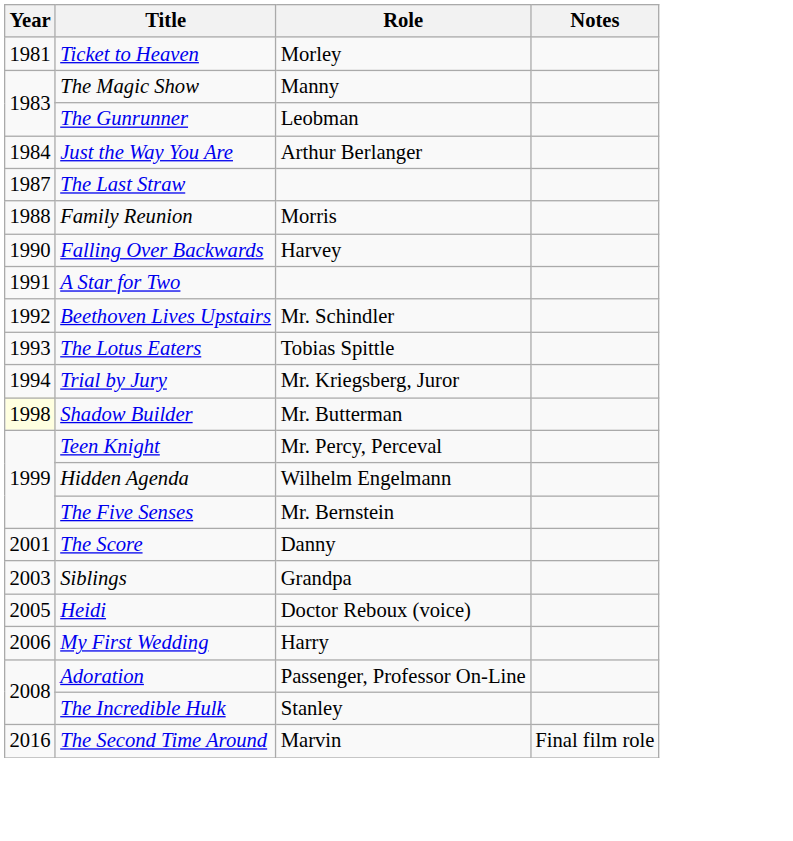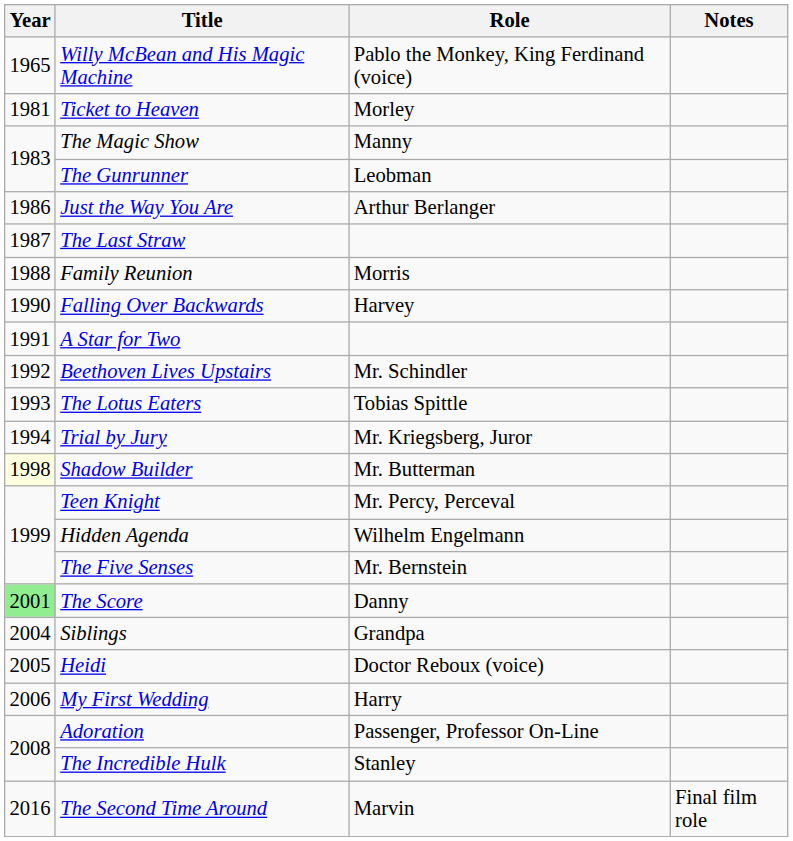 <table class="wikitable plainrowheaders sortable">
 <tr>
 <th>Year</th>
 <th>Title</th>
 <th>Role</th>
 <th class="unsortable">Notes</th>
+</tr>
+<tr>
+<td>1965</td>
+<td><em><a href='#'>Willy McBean and His Magic Machine</a></em></td>
+<td>Pablo the Monkey, King Ferdinand (voice)</td>
+<td></td>
 </tr>
 <tr>
 <td>1981</td>
 <td><em><a href='#'>Ticket to Heaven</a></em></td>
 <td>Morley</td>
 <td></td>
 </tr>
 <tr>
 <td rowspan="2">1983</td>
 <td data-sort-value="Magic Show, The"><em>The Magic Show</em></td>
 <td>Manny</td>
 <td></td>
 </tr>
 <tr>
 <td data-sort-value="Gunrunner, The"><em><a href='#'>The Gunrunner</a></em></td>
 <td>Leobman</td>
 <td></td>
 </tr>
 <tr>
-<td>1984</td>
+<td>1986</td>
 <td><em><a href='#'>Just the Way You Are</a></em></td>
 <td>Arthur Berlanger</td>
 <td></td>
 </tr>
 <tr>
 <td>1987</td>
 <td data-sort-value="Last Straw, The"><em><a href='#'>The Last Straw</a></em></td>
 <td></td>
 <td></td>
 </tr>
 <tr>
 <td>1988</td>
 <td><em>Family Reunion</em></td>
 <td>Morris</td>
 <td></td>
 </tr>
 <tr>
 <td>1990</td>
 <td><em><a href='#'>Falling Over Backwards</a></em></td>
 <td>Harvey</td>
 <td></td>
 </tr>
 <tr>
 <td>1991</td>
 <td data-sort-value="Star for Two, A"><em><a href='#'>A Star for Two</a></em></td>
 <td></td>
 <td></td>
 </tr>
 <tr>
 <td>1992</td>
 <td><em><a href='#'>Beethoven Lives Upstairs</a></em></td>
 <td>Mr. Schindler</td>
 <td></td>
 </tr>
 <tr>
 <td>1993</td>
 <td data-sort-value="Lotus Eaters, The"><em><a href='#'>The Lotus Eaters</a></em></td>
 <td>Tobias Spittle</td>
 <td></td>
 </tr>
 <tr>
 <td>1994</td>
 <td><em><a href='#'>Trial by Jury</a></em></td>
 <td>Mr. Kriegsberg, Juror</td>
 <td></td>
 </tr>
 <tr>
 <td style="background: lightyellow;">1998</td>
 <td><em><a href='#'>Shadow Builder</a></em></td>
 <td>Mr. Butterman</td>
 <td></td>
 </tr>
 <tr>
 <td rowspan="3">1999</td>
 <td><em><a href='#'>Teen Knight</a></em></td>
 <td>Mr. Percy, Perceval</td>
 <td></td>
 </tr>
 <tr>
 <td><em>Hidden Agenda</em></td>
 <td>Wilhelm Engelmann</td>
 <td></td>
 </tr>
 <tr>
 <td data-sort-value="Five Senses, The"><em><a href='#'>The Five Senses</a></em></td>
 <td>Mr. Bernstein</td>
 <td></td>
 </tr>
 <tr>
-<td>2001</td>
+<td style="background: lightgreen;">2001</td>
 <td data-sort-value="Score, The"><em><a href='#'>The Score</a></em></td>
 <td>Danny</td>
 <td></td>
 </tr>
 <tr>
-<td>2003</td>
+<td>2004</td>
 <td><em>Siblings</em></td>
 <td>Grandpa</td>
 <td></td>
 </tr>
 <tr>
 <td>2005</td>
 <td><em><a href='#'>Heidi</a></em></td>
 <td>Doctor Reboux (voice)</td>
 <td></td>
 </tr>
 <tr>
 <td>2006</td>
 <td><em><a href='#'>My First Wedding</a></em></td>
 <td>Harry</td>
 <td></td>
 </tr>
 <tr>
 <td rowspan="2">2008</td>
 <td><em><a href='#'>Adoration</a></em></td>
 <td>Passenger, Professor On-Line</td>
 <td></td>
 </tr>
 <tr>
 <td data-sort-value="Incredible Hulk, The"><em><a href='#'>The Incredible Hulk</a></em></td>
 <td>Stanley</td>
 <td></td>
 </tr>
 <tr>
 <td>2016</td>
 <td data-sort-value="Second Time Around, The"><em><a href='#'>The Second Time Around</a></em></td>
 <td>Marvin</td>
 <td>Final film role</td>
 </tr>
 </table>
